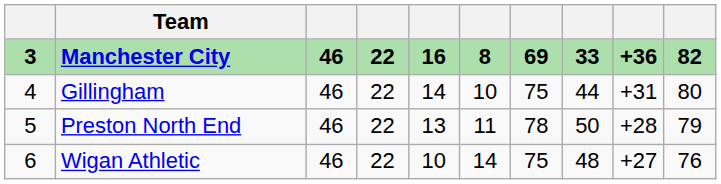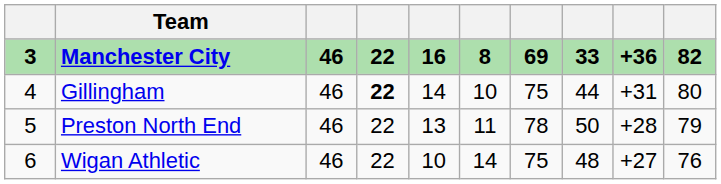 <table class="wikitable" style="text-align:center">
 <tr>
 <th width="30"></th>
 <th width="175">Team</th>
 <th width="30"></th>
 <th width="30"></th>
 <th width="30"></th>
 <th width="30"></th>
 <th width="30"></th>
 <th width="30"></th>
 <th width="30"></th>
 <th width="30"></th>
 </tr>
 <tr bgcolor=#ADDFAD>
 <td><strong>3</strong></td>
 <td align=left><strong><a href='#'>Manchester City</a></strong></td>
 <td><strong>46</strong></td>
 <td><strong>22</strong></td>
 <td><strong>16</strong></td>
 <td><strong>8</strong></td>
 <td><strong>69</strong></td>
 <td><strong>33</strong></td>
 <td><strong>+36</strong></td>
 <td><strong>82</strong></td>
 </tr>
 <tr>
 <td>4</td>
 <td align=left><a href='#'>Gillingham</a></td>
 <td>46</td>
-<td>22</td>
+<td><strong>22</strong></td>
 <td>14</td>
 <td>10</td>
 <td>75</td>
 <td>44</td>
 <td>+31</td>
 <td>80</td>
 </tr>
 <tr>
 <td>5</td>
 <td align=left><a href='#'>Preston North End</a></td>
 <td>46</td>
 <td>22</td>
 <td>13</td>
 <td>11</td>
 <td>78</td>
 <td>50</td>
 <td>+28</td>
 <td>79</td>
 </tr>
 <tr>
 <td>6</td>
 <td align=left><a href='#'>Wigan Athletic</a></td>
 <td>46</td>
 <td>22</td>
 <td>10</td>
 <td>14</td>
 <td>75</td>
 <td>48</td>
 <td>+27</td>
 <td>76</td>
 </tr>
 </table>
